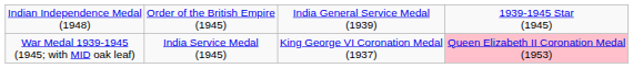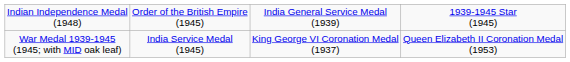 <table class="wikitable" style="margin:1em auto; text-align:center;">
 <tr>
 <td><a href='#'>Indian Independence Medal</a><br>(1948)</td>
 <td><a href='#'>Order of the British Empire</a><br> (1945)</td>
 <td><a href='#'>India General Service Medal</a><br> (1939)</td>
 <td><a href='#'>1939-1945 Star</a> <br>(1945)</td>
 </tr>
 <tr>
 <td><a href='#'>War Medal 1939-1945</a> <br>(1945; with <a href='#'>MID</a> oak leaf)</td>
 <td><a href='#'>India Service Medal</a> <br>(1945)</td>
 <td><a href='#'>King George VI Coronation Medal</a><br> (1937)</td>
-<td style="background: pink;"><a href='#'>Queen Elizabeth II Coronation Medal</a> <br>(1953)</td>
+<td><a href='#'>Queen Elizabeth II Coronation Medal</a> <br>(1953)</td>
 </tr>
 </table>
